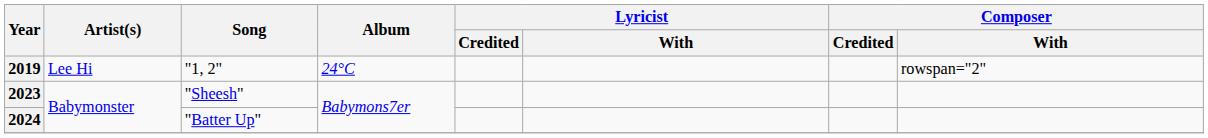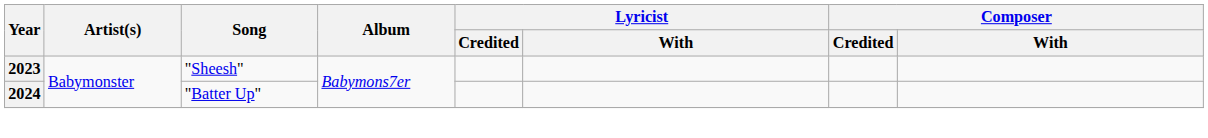 <table class="wikitable sortable plainrowheaders">
 <tr>
 <th rowspan="2">Year</th>
 <th rowspan="2" style="width:8em;">Artist(s)</th>
 <th rowspan="2" style="width:8em;">Song</th>
 <th rowspan="2" style="width:8em;">Album</th>
 <th colspan="2"><a href='#'>Lyricist</a></th>
 <th colspan="2"><a href='#'>Composer</a></th>
 </tr>
 <tr>
 <th>Credited</th>
 <th style="width:18.5em;">With</th>
 <th>Credited</th>
 <th style="width:18.5em;">With</th>
-</tr>
-<tr>
-<th scope="row">2019</th>
-<td><a href='#'>Lee Hi</a></td>
-<td>"1, 2" </td>
-<td><em><a href='#'>24°C</a></em></td>
-<td></td>
-<td style="text-align:center"></td>
-<td></td>
-<td>rowspan="2" </td>
 </tr>
 <tr>
 <th scope="row">2023</th>
 <td rowspan="2"><a href='#'>Babymonster</a></td>
 <td>"<a href='#'>Sheesh</a>"</td>
 <td rowspan="2"><em><a href='#'>Babymons7er</a></em></td>
 <td></td>
 <td style="text-align:center"></td>
 <td></td>
 </tr>
 <tr>
 <th scope="row">2024</th>
 <td>"<a href='#'>Batter Up</a>"</td>
 <td></td>
 <td style="text-align:center"></td>
 <td></td>
 <td style="text-align:center"></td>
 </tr>
 <tr>
 </tr>
 </table>
